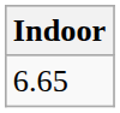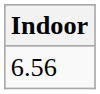 <table class="wikitable" border="1" align="upright">
 <tr>
 <th>Indoor</th>
 </tr>
 <tr>
-<td>6.65</td>
+<td>6.56</td>
 </tr>
 </table>
